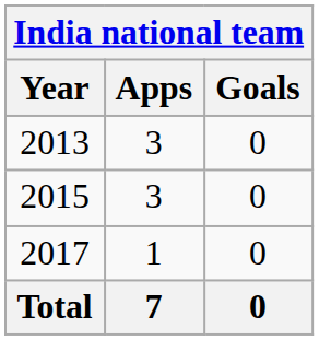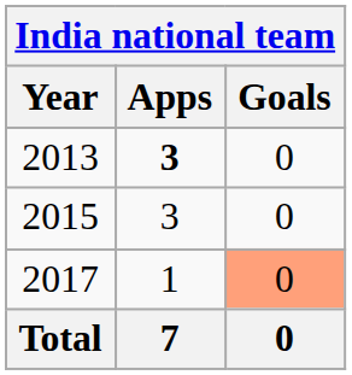 <table class="wikitable" style="text-align:center">
 <tr>
 <th colspan="3"><a href='#'>India national team</a></th>
 </tr>
 <tr>
 <th>Year</th>
 <th>Apps</th>
 <th>Goals</th>
 </tr>
 <tr>
 <td>2013</td>
-<td>3</td>
+<td><strong>3</strong></td>
 <td>0</td>
 </tr>
 <tr>
 <td>2015</td>
 <td>3</td>
 <td>0</td>
 </tr>
 <tr>
 <td>2017</td>
 <td>1</td>
-<td>0</td>
+<td style="background: lightsalmon;">0</td>
 </tr>
 <tr>
 <th>Total</th>
 <th>7</th>
 <th>0</th>
 </tr>
 </table>
